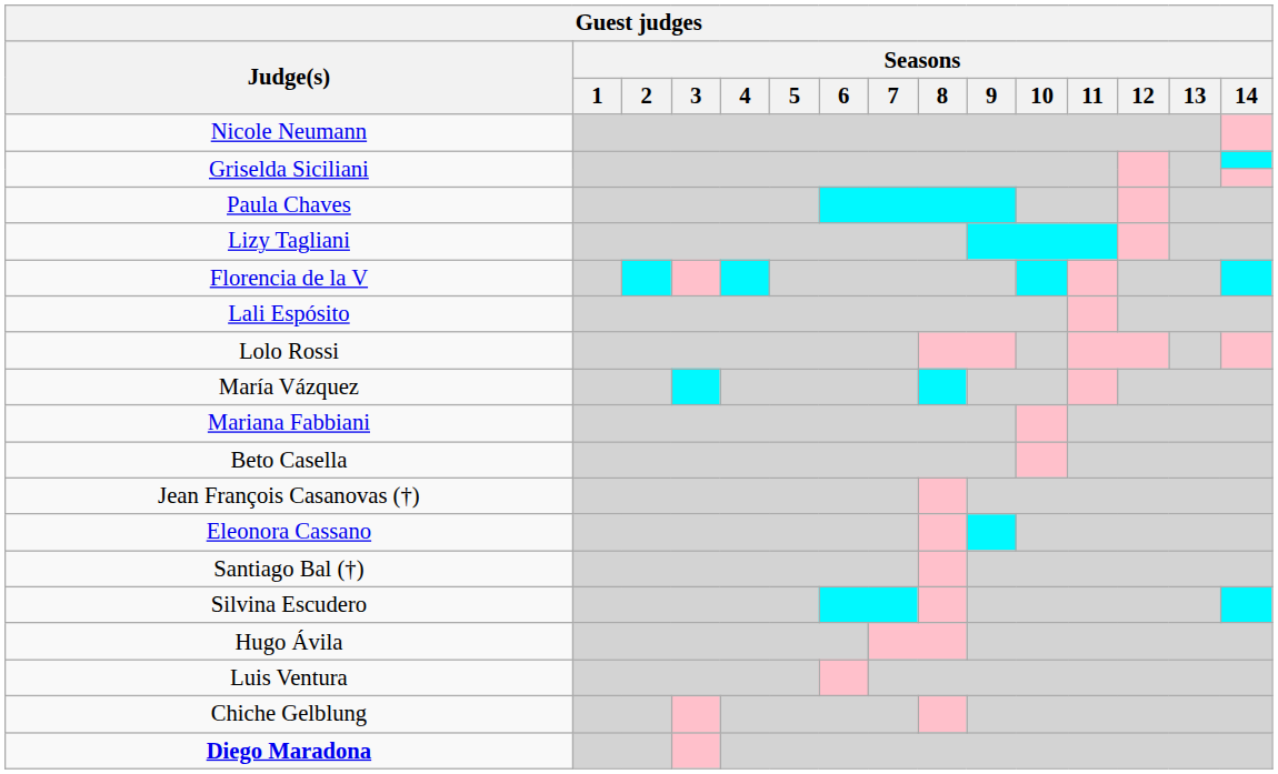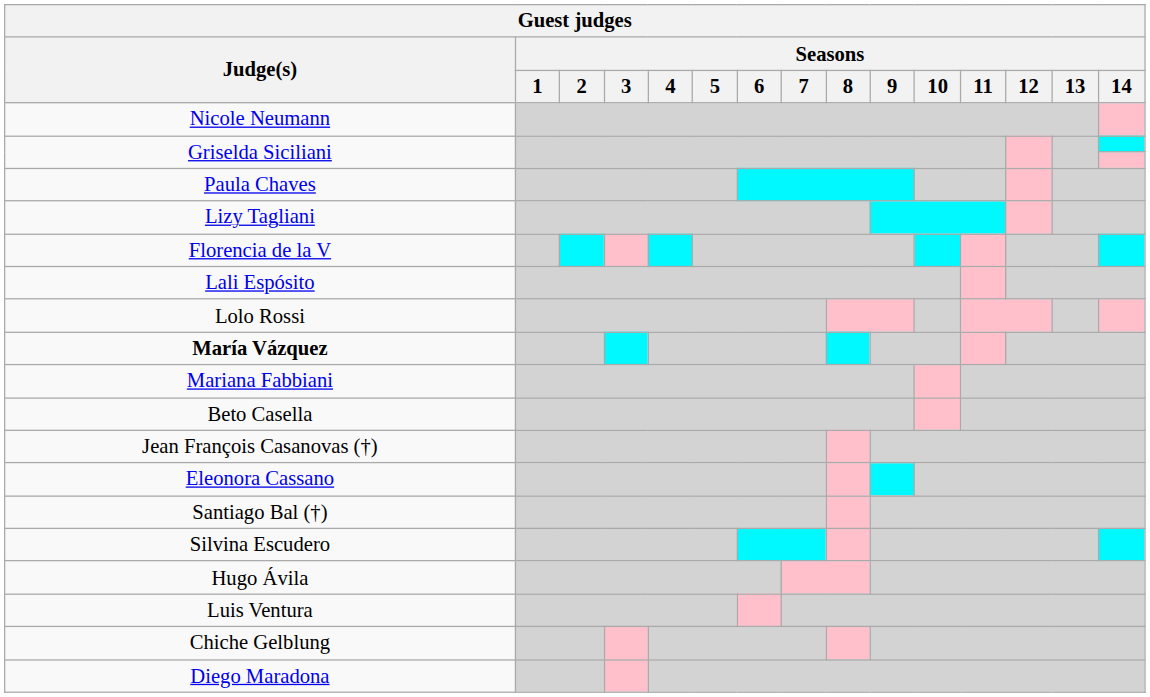 <table class="wikitable collapsible collapsed" style="margin:left; text-align:center; font-size:100%; width: 70%">
 <tr>
 <th colspan="15">Guest judges</th>
 </tr>
 <tr>
 <th width="250" rowspan="2">Judge(s)</th>
 <th colspan="14" style="text-align:center">Seasons</th>
 </tr>
 <tr>
 <th width="15">1</th>
 <th width="15">2</th>
 <th width="15">3</th>
 <th width="15">4</th>
 <th width="15">5</th>
 <th width="15">6</th>
 <th width="15">7</th>
 <th width="15">8</th>
 <th width="15">9</th>
 <th width="15">10</th>
 <th width="15">11</th>
 <th width="15">12</th>
 <th width="15">13</th>
 <th width="15">14</th>
 </tr>
 <tr>
 <td><a href='#'>Nicole Neumann</a></td>
 <td colspan="13" style=background:lightgrey></td>
 <td style=background:pink></td>
 </tr>
 <tr>
 <td rowspan="2"><a href='#'>Griselda Siciliani</a></td>
 <td rowspan="2" colspan="11" style=background:lightgrey></td>
 <td rowspan="2" style=background:pink></td>
 <td rowspan="2" style=background:lightgrey></td>
 <td style=background:#00f9ff></td>
 </tr>
 <tr>
 <td style=background:pink></td>
 </tr>
 <tr>
 <td><a href='#'>Paula Chaves</a></td>
 <td colspan="5" style=background:lightgrey></td>
 <td colspan="4" style=background:#00f9ff></td>
 <td colspan="2" style=background:lightgrey></td>
 <td style=background:pink></td>
 <td colspan="2" style=background:lightgrey></td>
 </tr>
 <tr>
 <td><a href='#'>Lizy Tagliani</a></td>
 <td colspan="8" style=background:lightgrey></td>
 <td colspan="3" style=background:#00f9ff></td>
 <td style=background:pink></td>
 <td colspan="2" style=background:lightgrey></td>
 </tr>
 <tr>
 <td><a href='#'>Florencia de la V</a></td>
 <td style=background:lightgrey></td>
 <td style=background:#00f9ff></td>
 <td style=background:pink></td>
 <td style=background:#00f9ff></td>
 <td colspan="5" style=background:lightgrey></td>
 <td style=background:#00f9ff></td>
 <td style=background:pink></td>
 <td colspan="2" style=background:lightgrey></td>
 <td style=background:#00f9ff></td>
 </tr>
 <tr>
 <td><a href='#'>Lali Espósito</a></td>
 <td colspan="10" style=background:lightgrey></td>
 <td style=background:pink></td>
 <td colspan="3" style=background:lightgrey></td>
 </tr>
 <tr>
 <td>Lolo Rossi</td>
 <td colspan="7" style=background:lightgrey></td>
 <td colspan="2" style=background:pink></td>
 <td style=background:lightgrey></td>
 <td colspan="2" style=background:pink></td>
 <td style=background:lightgrey></td>
 <td style=background:pink></td>
 </tr>
 <tr>
-<td>María Vázquez</td>
+<td><strong>María Vázquez</strong></td>
 <td colspan="2" style=background:lightgrey></td>
 <td style=background:#00f9ff></td>
 <td colspan="4" style=background:lightgrey></td>
 <td style=background:#00f9ff></td>
 <td colspan="2" style=background:lightgrey></td>
 <td style=background:pink></td>
 <td colspan="3" style=background:lightgrey></td>
 </tr>
 <tr>
 <td><a href='#'>Mariana Fabbiani</a></td>
 <td colspan="9" style=background:lightgrey></td>
 <td style=background:pink></td>
 <td colspan="4" style=background:lightgrey></td>
 </tr>
 <tr>
 <td>Beto Casella</td>
 <td colspan="9" style=background:lightgrey></td>
 <td style=background:pink></td>
 <td colspan="4" style=background:lightgrey></td>
 </tr>
 <tr>
 <td>Jean François Casanovas (†)</td>
 <td colspan="7" style=background:lightgrey></td>
 <td style=background:pink></td>
 <td colspan="6" style=background:lightgrey></td>
 </tr>
 <tr>
 <td><a href='#'>Eleonora Cassano</a></td>
 <td colspan="7" style=background:lightgrey></td>
 <td style=background:pink></td>
 <td style=background:#00f9ff></td>
 <td colspan="5" style=background:lightgrey></td>
 </tr>
 <tr>
 <td>Santiago Bal (†)</td>
 <td colspan="7" style=background:lightgrey></td>
 <td style=background:pink></td>
 <td colspan="6" style=background:lightgrey></td>
 </tr>
 <tr>
 <td>Silvina Escudero</td>
 <td colspan="5" style=background:lightgrey></td>
 <td colspan="2" style=background:#00f9ff></td>
 <td style=background:pink></td>
 <td colspan="5" style=background:lightgrey></td>
 <td style=background:#00f9ff></td>
 </tr>
 <tr>
 <td>Hugo Ávila</td>
 <td colspan="6" style=background:lightgrey></td>
 <td colspan="2" style=background:pink></td>
 <td colspan="6" style=background:lightgrey></td>
 </tr>
 <tr>
 <td>Luis Ventura</td>
 <td colspan="5" style=background:lightgrey></td>
 <td style=background:pink></td>
 <td colspan="8" style=background:lightgrey></td>
 </tr>
 <tr>
 <td>Chiche Gelblung</td>
 <td colspan="2" style=background:lightgrey></td>
 <td style=background:pink></td>
 <td colspan="4" style=background:lightgrey></td>
 <td style=background:pink></td>
 <td colspan="6" style=background:lightgrey></td>
 </tr>
 <tr>
-<td><strong><a href='#'>Diego Maradona</a></strong></td>
+<td><a href='#'>Diego Maradona</a></td>
 <td colspan="2" style=background:lightgrey></td>
 <td style=background:pink></td>
 <td colspan="11" style=background:lightgrey></td>
 </tr>
 </table>
